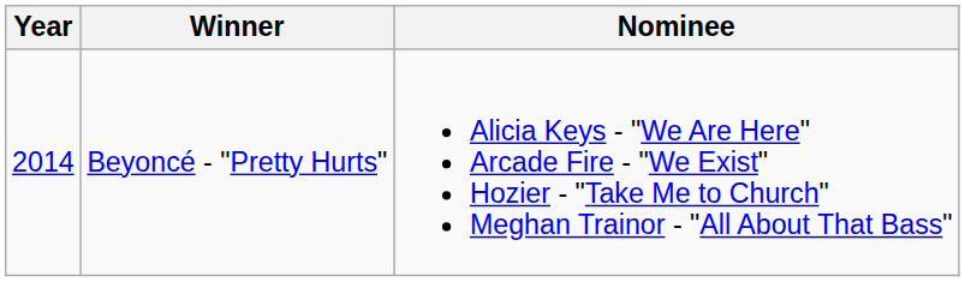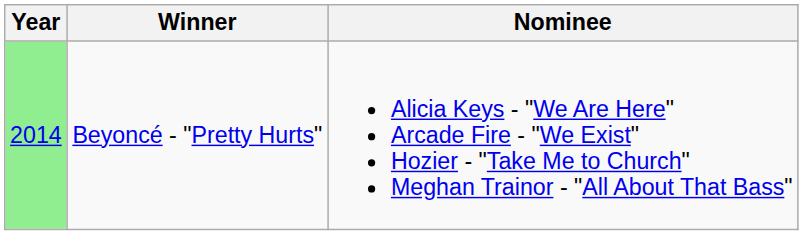 <table class="wikitable">
 <tr>
 <th>Year</th>
 <th>Winner</th>
 <th>Nominee</th>
 </tr>
 <tr>
-<td><a href='#'>2014</a></td>
+<td style="background: lightgreen;"><a href='#'>2014</a></td>
 <td><a href='#'>Beyoncé</a> - "<a href='#'>Pretty Hurts</a>"</td>
 <td><br><ul><li><a href='#'>Alicia Keys</a> - "<a href='#'>We Are Here</a>"</li><li><a href='#'>Arcade Fire</a> - "<a href='#'>We Exist</a>"</li><li><a href='#'>Hozier</a> - "<a href='#'>Take Me to Church</a>"</li><li><a href='#'>Meghan Trainor</a> - "<a href='#'>All About That Bass</a>"</li></ul></td>
 </tr>
 </table>
